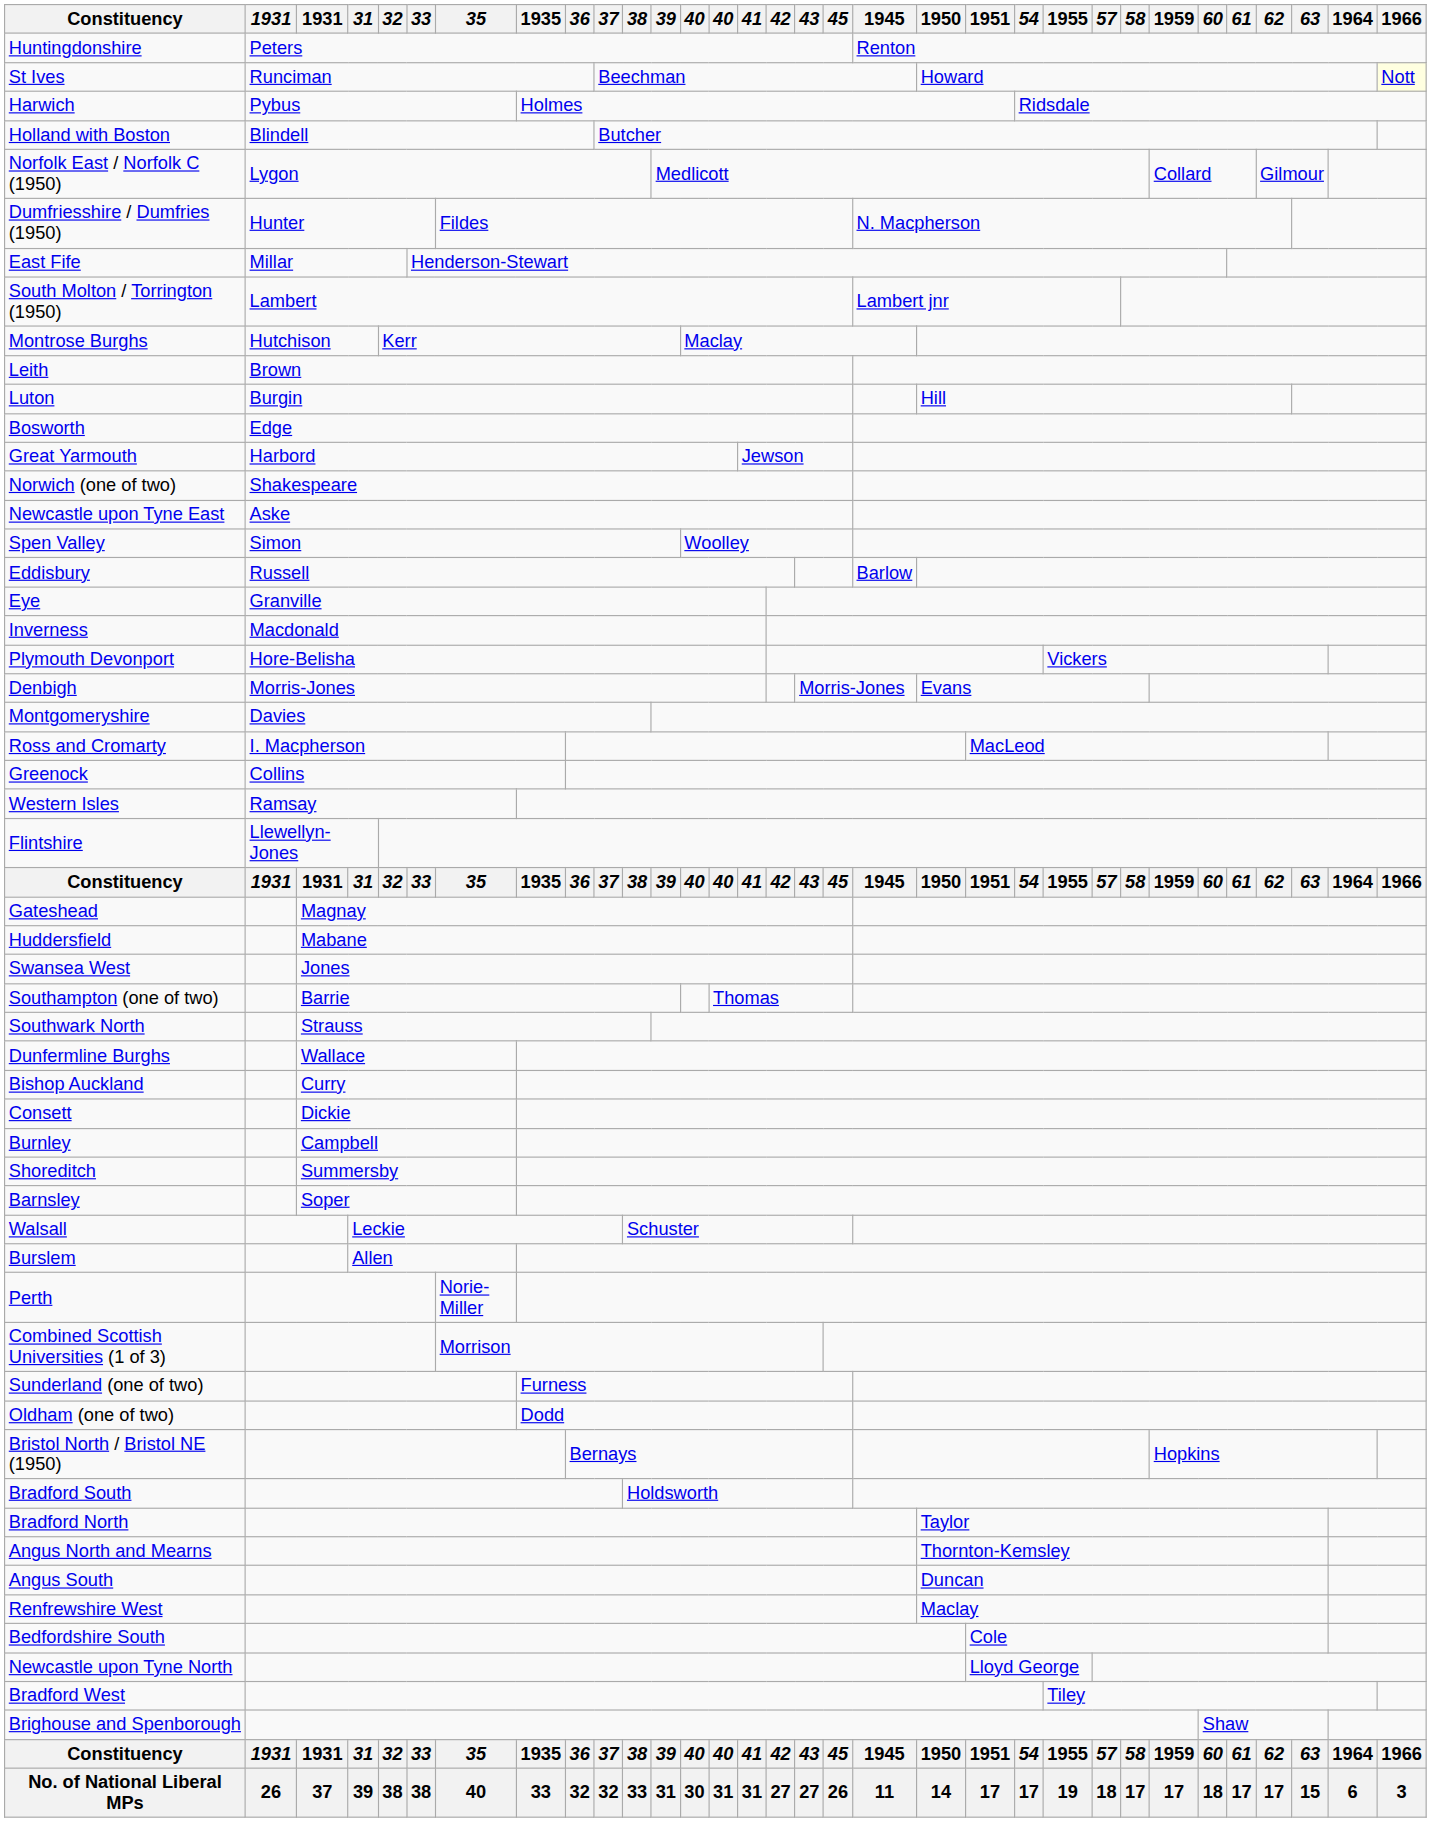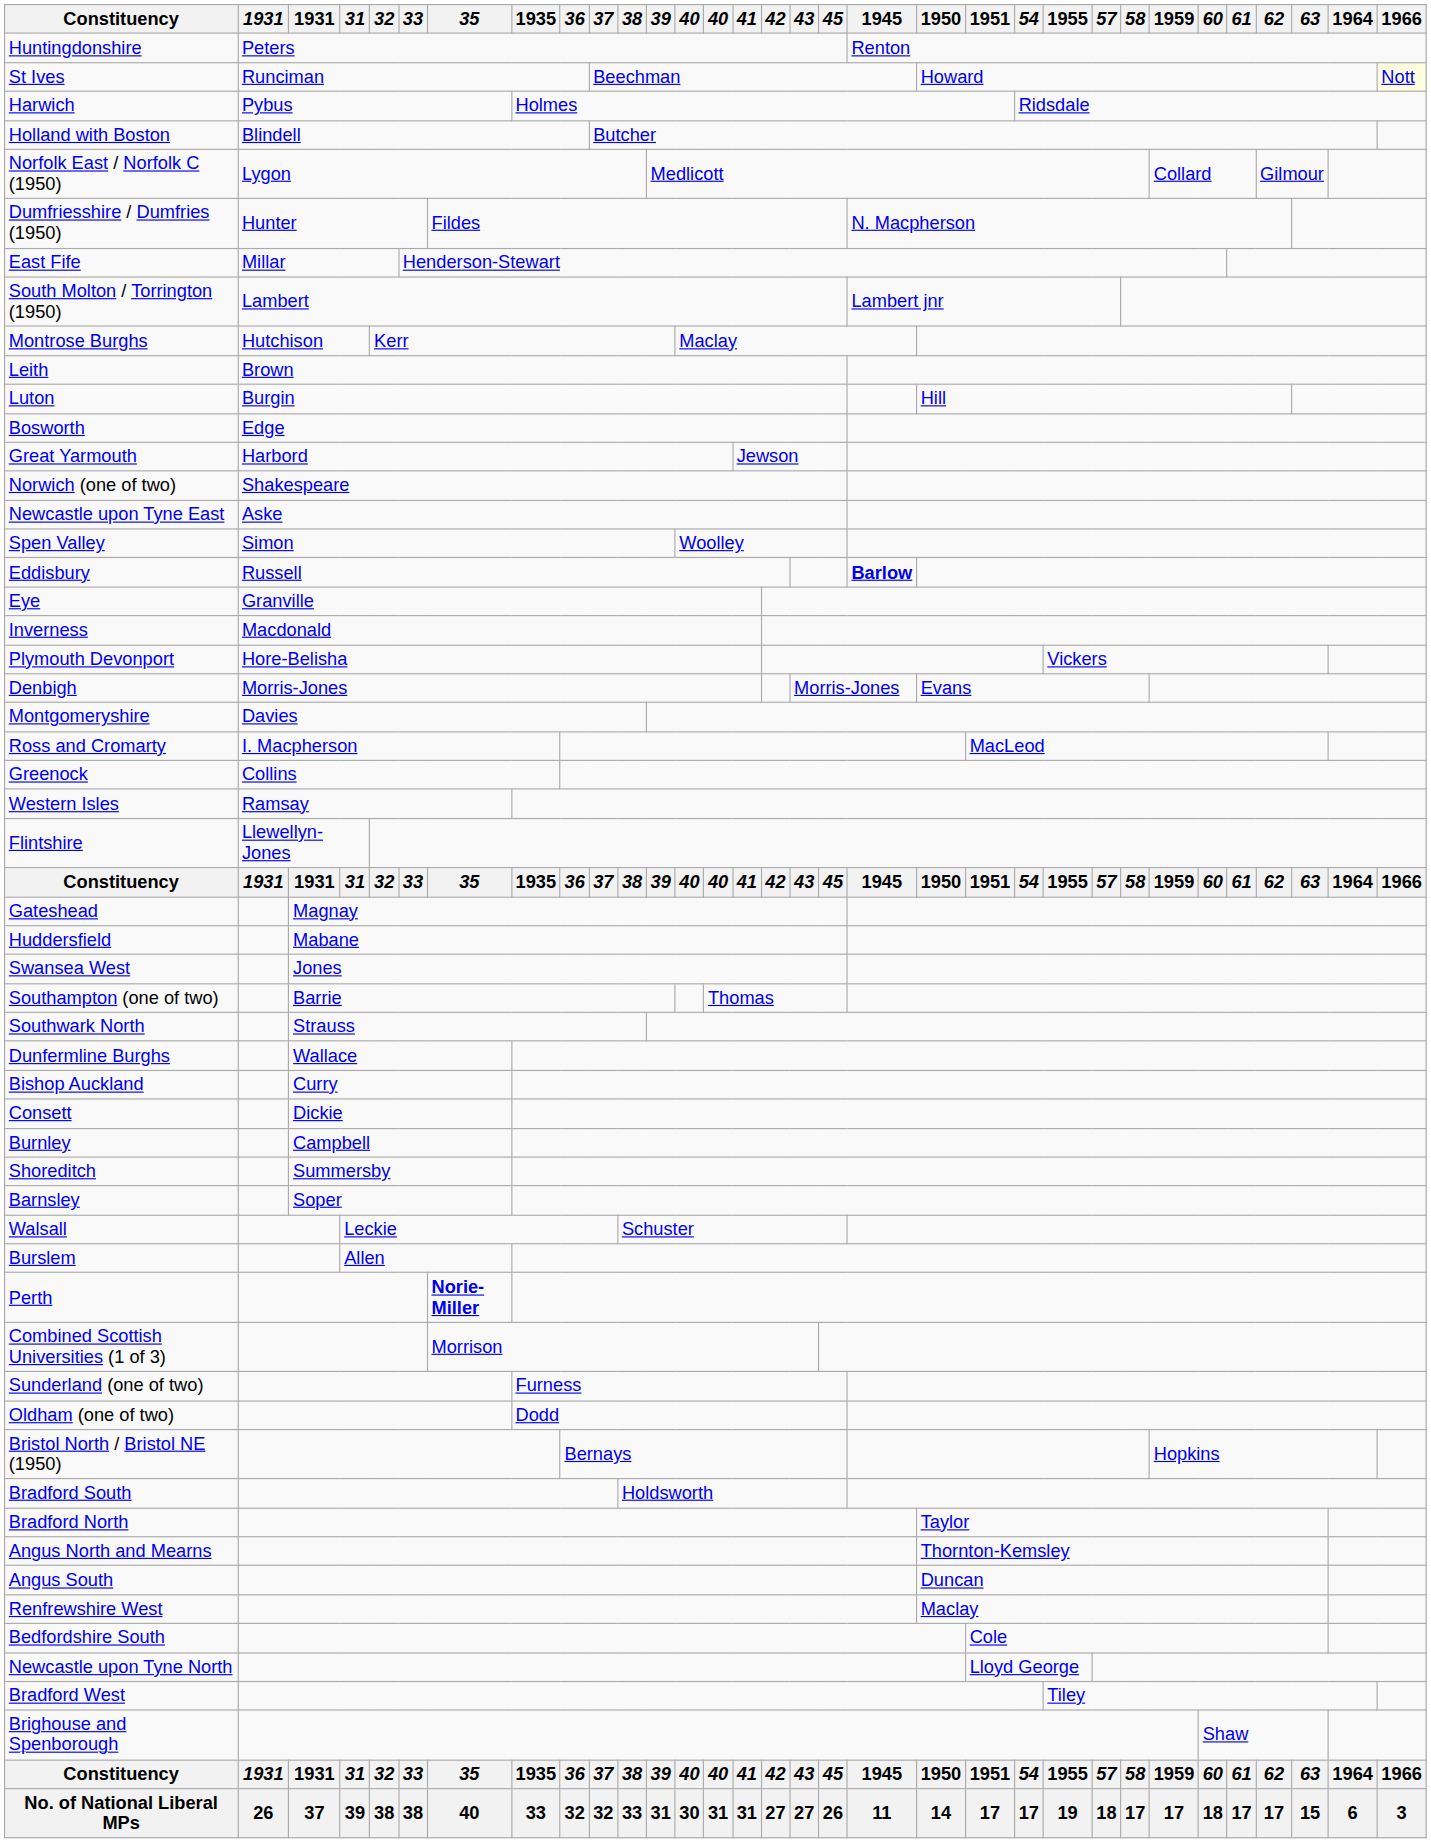 <table class="wikitable">
 <tr>
 <th>Constituency</th>
 <th><em>1931</em></th>
 <th>1931</th>
 <th><em>31</em></th>
 <th><em>32</em></th>
 <th><em>33</em></th>
 <th><em>35</em></th>
 <th>1935</th>
 <th><em>36</em></th>
 <th><em>37</em></th>
 <th><em>38</em></th>
 <th><em>39</em></th>
 <th><em>40</em></th>
 <th><em>40</em></th>
 <th><em>41</em></th>
 <th><em>42</em></th>
 <th><em>43</em></th>
 <th><em>45</em></th>
 <th>1945</th>
 <th>1950</th>
 <th>1951</th>
 <th><em>54</em></th>
 <th>1955</th>
 <th><em>57</em></th>
 <th><em>58</em></th>
 <th>1959</th>
 <th><em>60</em></th>
 <th><em>61</em></th>
 <th><em>62</em></th>
 <th><em>63</em></th>
 <th>1964</th>
 <th>1966</th>
 </tr>
 <tr>
 <td><a href='#'>Huntingdonshire</a></td>
 <td colspan="17"><a href='#'>Peters</a></td>
 <td colspan="14"><a href='#'>Renton</a></td>
 </tr>
 <tr>
 <td><a href='#'>St Ives</a></td>
 <td colspan="8"><a href='#'>Runciman</a></td>
 <td colspan="10"><a href='#'>Beechman</a></td>
 <td colspan="12"><a href='#'>Howard</a></td>
 <td style="background: lightyellow;"><a href='#'>Nott</a></td>
 </tr>
 <tr>
 <td><a href='#'>Harwich</a></td>
 <td colspan="6"><a href='#'>Pybus</a></td>
 <td colspan="14"><a href='#'>Holmes</a></td>
 <td colspan="11"><a href='#'>Ridsdale</a></td>
 </tr>
 <tr>
 <td><a href='#'>Holland with Boston</a></td>
 <td colspan="8"><a href='#'>Blindell</a></td>
 <td colspan="22"><a href='#'>Butcher</a></td>
 <td></td>
 </tr>
 <tr>
 <td><a href='#'>Norfolk East</a> / <a href='#'>Norfolk C</a> (1950)</td>
 <td colspan="10"><a href='#'>Lygon</a></td>
 <td colspan="14"><a href='#'>Medlicott</a></td>
 <td colspan="3"><a href='#'>Collard</a></td>
 <td colspan="2"><a href='#'>Gilmour</a></td>
 <td colspan="2"></td>
 </tr>
 <tr>
 <td><a href='#'>Dumfriesshire</a> / <a href='#'>Dumfries</a> (1950)</td>
 <td colspan="5"><a href='#'>Hunter</a></td>
 <td colspan="12"><a href='#'>Fildes</a></td>
 <td colspan="11"><a href='#'>N. Macpherson</a></td>
 <td colspan="3"></td>
 </tr>
 <tr>
 <td><a href='#'>East Fife</a></td>
 <td colspan="4"><a href='#'>Millar</a></td>
 <td colspan="22"><a href='#'>Henderson-Stewart</a></td>
 <td colspan="5"></td>
 </tr>
 <tr>
 <td><a href='#'>South Molton</a> / <a href='#'>Torrington</a> (1950)</td>
 <td colspan="17"><a href='#'>Lambert</a></td>
 <td colspan="6"><a href='#'>Lambert jnr</a></td>
 <td colspan="8"></td>
 </tr>
 <tr>
 <td><a href='#'>Montrose Burghs</a></td>
 <td colspan="3"><a href='#'>Hutchison</a></td>
 <td colspan="8"><a href='#'>Kerr</a></td>
 <td colspan="7"><a href='#'>Maclay</a></td>
 <td colspan="13"></td>
 </tr>
 <tr>
 <td><a href='#'>Leith</a></td>
 <td colspan="17"><a href='#'>Brown</a></td>
 <td colspan="14"></td>
 </tr>
 <tr>
 <td><a href='#'>Luton</a></td>
 <td colspan="17"><a href='#'>Burgin</a></td>
 <td></td>
 <td colspan="10"><a href='#'>Hill</a></td>
 <td colspan="3"></td>
 </tr>
 <tr>
 <td><a href='#'>Bosworth</a></td>
 <td colspan="17"><a href='#'>Edge</a></td>
 <td colspan="14"></td>
 </tr>
 <tr>
 <td><a href='#'>Great Yarmouth</a></td>
 <td colspan="13"><a href='#'>Harbord</a></td>
 <td colspan="4"><a href='#'>Jewson</a></td>
 <td colspan="14"></td>
 </tr>
 <tr>
 <td><a href='#'>Norwich</a> (one of two)</td>
 <td colspan="17"><a href='#'>Shakespeare</a></td>
 <td colspan="14"></td>
 </tr>
 <tr>
 <td><a href='#'>Newcastle upon Tyne East</a></td>
 <td colspan="17"><a href='#'>Aske</a></td>
 <td colspan="14"></td>
 </tr>
 <tr>
 <td><a href='#'>Spen Valley</a></td>
 <td colspan="11"><a href='#'>Simon</a></td>
 <td colspan="6"><a href='#'>Woolley</a></td>
 <td colspan="14"></td>
 </tr>
 <tr>
 <td><a href='#'>Eddisbury</a></td>
 <td colspan="15"><a href='#'>Russell</a></td>
 <td colspan="2"></td>
-<td><a href='#'>Barlow</a></td>
+<td><strong><a href='#'>Barlow</a></strong></td>
 <td colspan="13"></td>
 </tr>
 <tr>
 <td><a href='#'>Eye</a></td>
 <td colspan="14"><a href='#'>Granville</a></td>
 <td colspan="17"></td>
 </tr>
 <tr>
 <td><a href='#'>Inverness</a></td>
 <td colspan="14"><a href='#'>Macdonald</a></td>
 <td colspan="17"></td>
 </tr>
 <tr>
 <td><a href='#'>Plymouth Devonport</a></td>
 <td colspan="14"><a href='#'>Hore-Belisha</a></td>
 <td colspan="7"></td>
 <td colspan="8"><a href='#'>Vickers</a></td>
 <td colspan="2"></td>
 </tr>
 <tr>
 <td><a href='#'>Denbigh</a></td>
 <td colspan="14"><a href='#'>Morris-Jones</a></td>
 <td></td>
 <td colspan="3"><a href='#'>Morris-Jones</a></td>
 <td colspan="6"><a href='#'>Evans</a></td>
 <td colspan="7"></td>
 </tr>
 <tr>
 <td><a href='#'>Montgomeryshire</a></td>
 <td colspan="10"><a href='#'>Davies</a></td>
 <td colspan="21"></td>
 </tr>
 <tr>
 <td><a href='#'>Ross and Cromarty</a></td>
 <td colspan="7"><a href='#'>I. Macpherson</a></td>
 <td colspan="12"></td>
 <td colspan="10"><a href='#'>MacLeod</a></td>
 <td colspan="2"></td>
 </tr>
 <tr>
 <td><a href='#'>Greenock</a></td>
 <td colspan="7"><a href='#'>Collins</a></td>
 <td colspan="24"></td>
 </tr>
 <tr>
 <td><a href='#'>Western Isles</a></td>
 <td colspan="6"><a href='#'>Ramsay</a></td>
 <td colspan="25"></td>
 </tr>
 <tr>
 <td><a href='#'>Flintshire</a></td>
 <td colspan="3"><a href='#'>Llewellyn-Jones</a></td>
 <td colspan="28"></td>
 </tr>
 <tr>
 <th>Constituency</th>
 <th><em>1931</em></th>
 <th>1931</th>
 <th><em>31</em></th>
 <th><em>32</em></th>
 <th><em>33</em></th>
 <th><em>35</em></th>
 <th>1935</th>
 <th><em>36</em></th>
 <th><em>37</em></th>
 <th><em>38</em></th>
 <th><em>39</em></th>
 <th><em>40</em></th>
 <th><em>40</em></th>
 <th><em>41</em></th>
 <th><em>42</em></th>
 <th><em>43</em></th>
 <th><em>45</em></th>
 <th>1945</th>
 <th>1950</th>
 <th>1951</th>
 <th><em>54</em></th>
 <th>1955</th>
 <th><em>57</em></th>
 <th><em>58</em></th>
 <th>1959</th>
 <th><em>60</em></th>
 <th><em>61</em></th>
 <th><em>62</em></th>
 <th><em>63</em></th>
 <th>1964</th>
 <th>1966</th>
 </tr>
 <tr>
 <td><a href='#'>Gateshead</a></td>
 <td></td>
 <td colspan="16"><a href='#'>Magnay</a></td>
 <td colspan="14"></td>
 </tr>
 <tr>
 <td><a href='#'>Huddersfield</a></td>
 <td></td>
 <td colspan="16"><a href='#'>Mabane</a></td>
 <td colspan="14"></td>
 </tr>
 <tr>
 <td><a href='#'>Swansea West</a></td>
 <td></td>
 <td colspan="16"><a href='#'>Jones</a></td>
 <td colspan="14"></td>
 </tr>
 <tr>
 <td><a href='#'>Southampton</a> (one of two)</td>
 <td></td>
 <td colspan="10"><a href='#'>Barrie</a></td>
 <td></td>
 <td colspan="5"><a href='#'>Thomas</a></td>
 <td colspan="14"></td>
 </tr>
 <tr>
 <td><a href='#'>Southwark North</a></td>
 <td></td>
 <td colspan="9"><a href='#'>Strauss</a></td>
 <td colspan="21"></td>
 </tr>
 <tr>
 <td><a href='#'>Dunfermline Burghs</a></td>
 <td></td>
 <td colspan="5"><a href='#'>Wallace</a></td>
 <td colspan="25"></td>
 </tr>
 <tr>
 <td><a href='#'>Bishop Auckland</a></td>
 <td></td>
 <td colspan="5"><a href='#'>Curry</a></td>
 <td colspan="25"></td>
 </tr>
 <tr>
 <td><a href='#'>Consett</a></td>
 <td></td>
 <td colspan="5"><a href='#'>Dickie</a></td>
 <td colspan="25"></td>
 </tr>
 <tr>
 <td><a href='#'>Burnley</a></td>
 <td></td>
 <td colspan="5"><a href='#'>Campbell</a></td>
 <td colspan="25"></td>
 </tr>
 <tr>
 <td><a href='#'>Shoreditch</a></td>
 <td></td>
 <td colspan="5"><a href='#'>Summersby</a></td>
 <td colspan="25"></td>
 </tr>
 <tr>
 <td><a href='#'>Barnsley</a></td>
 <td></td>
 <td colspan="5"><a href='#'>Soper</a></td>
 <td colspan="25"></td>
 </tr>
 <tr>
 <td><a href='#'>Walsall</a></td>
 <td colspan="2"></td>
 <td colspan="7"><a href='#'>Leckie</a></td>
 <td colspan="8"><a href='#'>Schuster</a></td>
 <td colspan="14"></td>
 </tr>
 <tr>
 <td><a href='#'>Burslem</a></td>
 <td colspan="2"></td>
 <td colspan="4"><a href='#'>Allen</a></td>
 <td colspan="25"></td>
 </tr>
 <tr>
 <td><a href='#'>Perth</a></td>
 <td colspan="5"></td>
-<td><a href='#'>Norie-Miller</a></td>
+<td><strong><a href='#'>Norie-Miller</a></strong></td>
 <td colspan="25"></td>
 </tr>
 <tr>
 <td><a href='#'>Combined Scottish Universities</a> (1 of 3)</td>
 <td colspan="5"></td>
 <td colspan="11"><a href='#'>Morrison</a></td>
 <td colspan="15"></td>
 </tr>
 <tr>
 <td><a href='#'>Sunderland</a> (one of two)</td>
 <td colspan="6"></td>
 <td colspan="11"><a href='#'>Furness</a></td>
 <td colspan="14"></td>
 </tr>
 <tr>
 <td><a href='#'>Oldham</a> (one of two)</td>
 <td colspan="6"></td>
 <td colspan="11"><a href='#'>Dodd</a></td>
 <td colspan="14"></td>
 </tr>
 <tr>
 <td><a href='#'>Bristol North</a> / <a href='#'>Bristol NE</a> (1950)</td>
 <td colspan="7"></td>
 <td colspan="10"><a href='#'>Bernays</a></td>
 <td colspan="7"></td>
 <td colspan="6"><a href='#'>Hopkins</a></td>
 <td></td>
 </tr>
 <tr>
 <td><a href='#'>Bradford South</a></td>
 <td colspan="9"></td>
 <td colspan="8"><a href='#'>Holdsworth</a></td>
 <td colspan="14"></td>
 </tr>
 <tr>
 <td><a href='#'>Bradford North</a></td>
 <td colspan="18"></td>
 <td colspan="11"><a href='#'>Taylor</a></td>
 <td colspan="2"></td>
 </tr>
 <tr>
 <td><a href='#'>Angus North and Mearns</a></td>
 <td colspan="18"></td>
 <td colspan="11"><a href='#'>Thornton-Kemsley</a></td>
 <td colspan="2"></td>
 </tr>
 <tr>
 <td><a href='#'>Angus South</a></td>
 <td colspan="18"></td>
 <td colspan="11"><a href='#'>Duncan</a></td>
 <td colspan="2"></td>
 </tr>
 <tr>
 <td><a href='#'>Renfrewshire West</a></td>
 <td colspan="18"></td>
 <td colspan="11"><a href='#'>Maclay</a></td>
 <td colspan="2"></td>
 </tr>
 <tr>
 <td><a href='#'>Bedfordshire South</a></td>
 <td colspan="19"></td>
 <td colspan="10"><a href='#'>Cole</a></td>
 <td colspan="2"></td>
 </tr>
 <tr>
 <td><a href='#'>Newcastle upon Tyne North</a></td>
 <td colspan="19"></td>
 <td colspan="3"><a href='#'>Lloyd George</a></td>
 <td colspan="9"></td>
 </tr>
 <tr>
 <td><a href='#'>Bradford West</a></td>
 <td colspan="21"></td>
 <td colspan="9"><a href='#'>Tiley</a></td>
 <td></td>
 </tr>
 <tr>
 <td><a href='#'>Brighouse and Spenborough</a></td>
 <td colspan="25"></td>
 <td colspan="4"><a href='#'>Shaw</a></td>
 <td colspan="2"></td>
 </tr>
 <tr>
 <th>Constituency</th>
 <th><em>1931</em></th>
 <th>1931</th>
 <th><em>31</em></th>
 <th><em>32</em></th>
 <th><em>33</em></th>
 <th><em>35</em></th>
 <th>1935</th>
 <th><em>36</em></th>
 <th><em>37</em></th>
 <th><em>38</em></th>
 <th><em>39</em></th>
 <th><em>40</em></th>
 <th><em>40</em></th>
 <th><em>41</em></th>
 <th><em>42</em></th>
 <th><em>43</em></th>
 <th><em>45</em></th>
 <th>1945</th>
 <th>1950</th>
 <th>1951</th>
 <th><em>54</em></th>
 <th>1955</th>
 <th><em>57</em></th>
 <th><em>58</em></th>
 <th>1959</th>
 <th><em>60</em></th>
 <th><em>61</em></th>
 <th><em>62</em></th>
 <th><em>63</em></th>
 <th>1964</th>
 <th>1966</th>
 </tr>
 <tr>
 <th>No. of National Liberal MPs</th>
 <th>26</th>
 <th>37</th>
 <th>39</th>
 <th>38</th>
 <th>38</th>
 <th>40</th>
 <th>33</th>
 <th>32</th>
 <th>32</th>
 <th>33</th>
 <th>31</th>
 <th>30</th>
 <th>31</th>
 <th>31</th>
 <th>27</th>
 <th>27</th>
 <th>26</th>
 <th>11</th>
 <th>14</th>
 <th>17</th>
 <th>17</th>
 <th>19</th>
 <th>18</th>
 <th>17</th>
 <th>17</th>
 <th>18</th>
 <th>17</th>
 <th>17</th>
 <th>15</th>
 <th>6</th>
 <th>3</th>
 </tr>
 </table>
